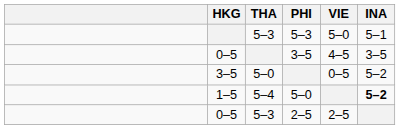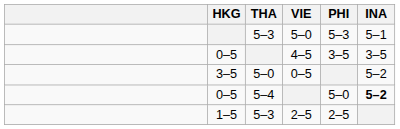 <table class="wikitable" style="text-align:center">
 <tr>
 <th width="250"> </th>
 <th width="40">HKG</th>
 <th width="40">THA</th>
+<th width="40">VIE</th>
 <th width="40">PHI</th>
-<th width="40">VIE</th>
 <th width="40">INA</th>
 </tr>
 <tr>
 <td align=left></td>
 <th></th>
 <td>5–3</td>
+<td>5–0</td>
 <td>5–3</td>
-<td>5–0</td>
 <td>5–1</td>
 </tr>
 <tr>
 <td align=left></td>
 <td>0–5</td>
 <th></th>
+<td>4–5</td>
 <td>3–5</td>
-<td>4–5</td>
 <td>3–5</td>
 </tr>
 <tr>
 <td align=left></td>
 <td>3–5</td>
 <td>5–0</td>
+<td>0–5</td>
 <th></th>
-<td>0–5</td>
 <td>5–2</td>
 </tr>
 <tr>
 <td align=left></td>
-<td>1–5</td>
+<td>0–5</td>
 <td>5–4</td>
+<th></th>
 <td>5–0</td>
-<th></th>
 <td><strong>5–2</strong></td>
 </tr>
 <tr>
 <td align=left></td>
-<td>0–5</td>
+<td>1–5</td>
 <td>5–3</td>
 <td>2–5</td>
 <td>2–5</td>
 <th></th>
 </tr>
 </table>
